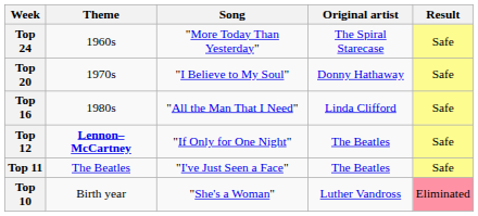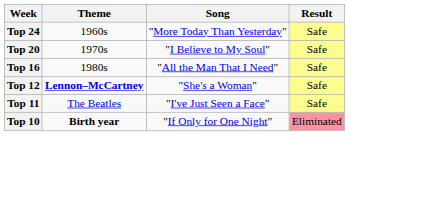 <table class="wikitable unsortable" style="text-align:center;">
 <tr>
 <th scope="col">Week</th>
 <th scope="col">Theme</th>
 <th scope="col">Song</th>
-<th scope="col">Original artist</th>
 <th scope="col">Result</th>
 </tr>
 <tr>
 <th scope="row">Top 24</th>
 <td>1960s</td>
 <td>"<a href='#'>More Today Than Yesterday</a>"</td>
-<td><a href='#'>The Spiral Starecase</a></td>
 <td style="background:#FDFC8F">Safe</td>
 </tr>
 <tr>
 <th scope="row">Top 20</th>
 <td>1970s</td>
 <td>"<a href='#'>I Believe to My Soul</a>"</td>
-<td><a href='#'>Donny Hathaway</a></td>
 <td style="background:#FDFC8F">Safe</td>
 </tr>
 <tr>
 <th scope="row">Top 16</th>
 <td>1980s</td>
 <td>"<a href='#'>All the Man That I Need</a>"</td>
-<td><a href='#'>Linda Clifford</a></td>
 <td style="background:#FDFC8F">Safe</td>
 </tr>
 <tr>
 <th scope="row">Top 12</th>
 <td><strong><a href='#'>Lennon–McCartney</a></strong></td>
-<td>"<a href='#'>If Only for One Night</a>"</td>
-<td><a href='#'>The Beatles</a></td>
+<td>"<a href='#'>She's a Woman</a>"</td>
 <td style="background:#FDFC8F">Safe</td>
 </tr>
 <tr>
 <th scope="row">Top 11</th>
 <td><a href='#'>The Beatles</a></td>
 <td>"<a href='#'>I've Just Seen a Face</a>"</td>
-<td><a href='#'>The Beatles</a></td>
 <td style="background:#FDFC8F">Safe</td>
 </tr>
 <tr>
 <th scope="row">Top 10</th>
-<td>Birth year</td>
-<td>"<a href='#'>She's a Woman</a>"</td>
-<td><a href='#'>Luther Vandross</a></td>
+<td><strong>Birth year</strong></td>
+<td>"<a href='#'>If Only for One Night</a>"</td>
 <td bgcolor="FF91A4">Eliminated</td>
 </tr>
 </table>
